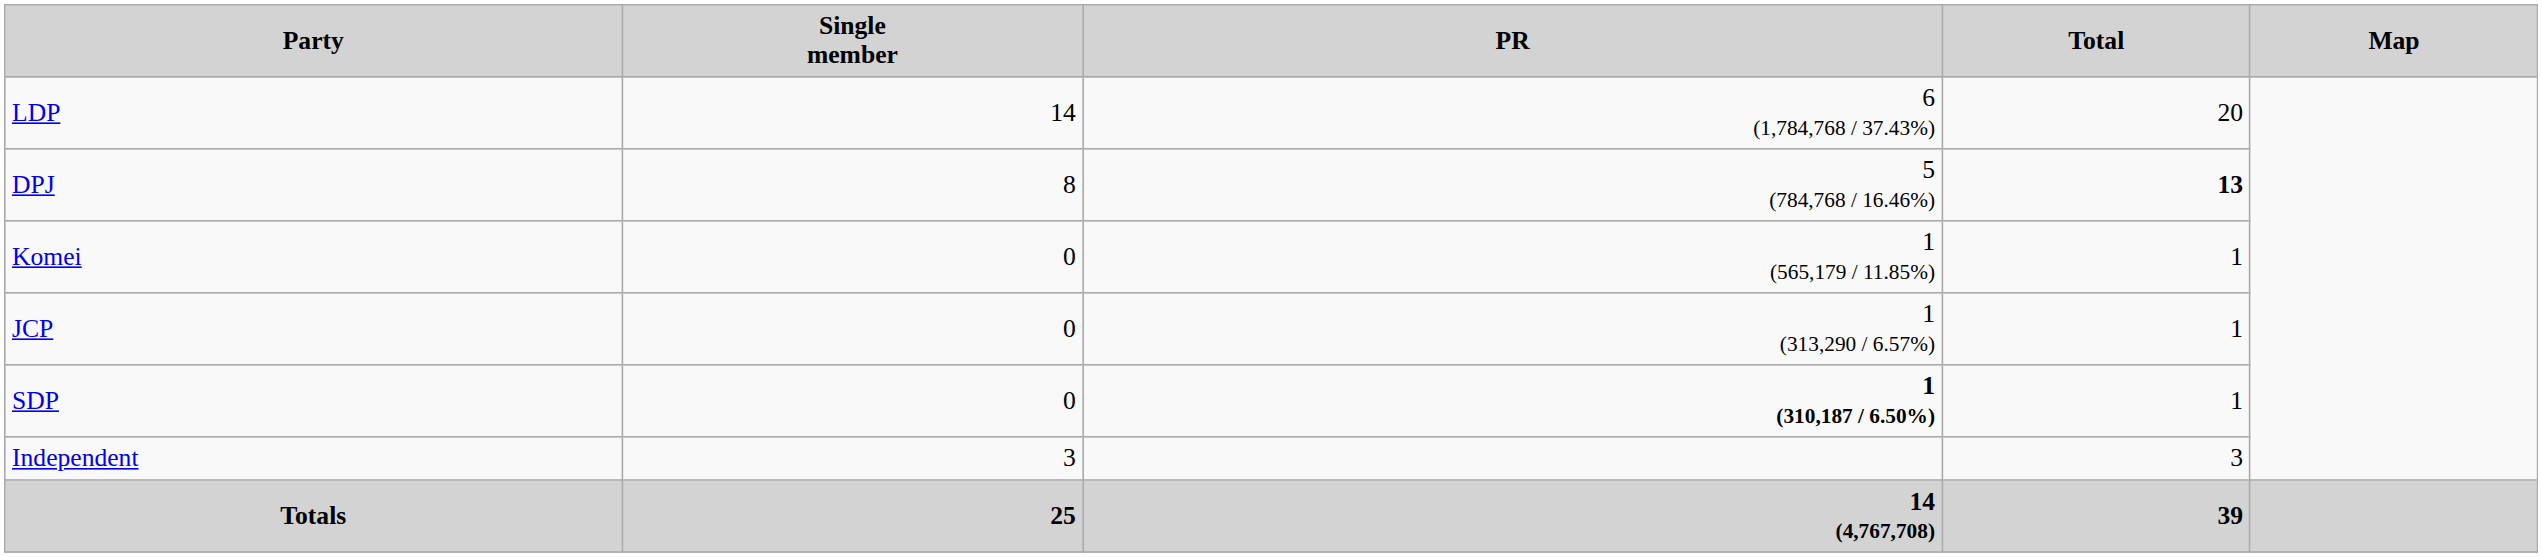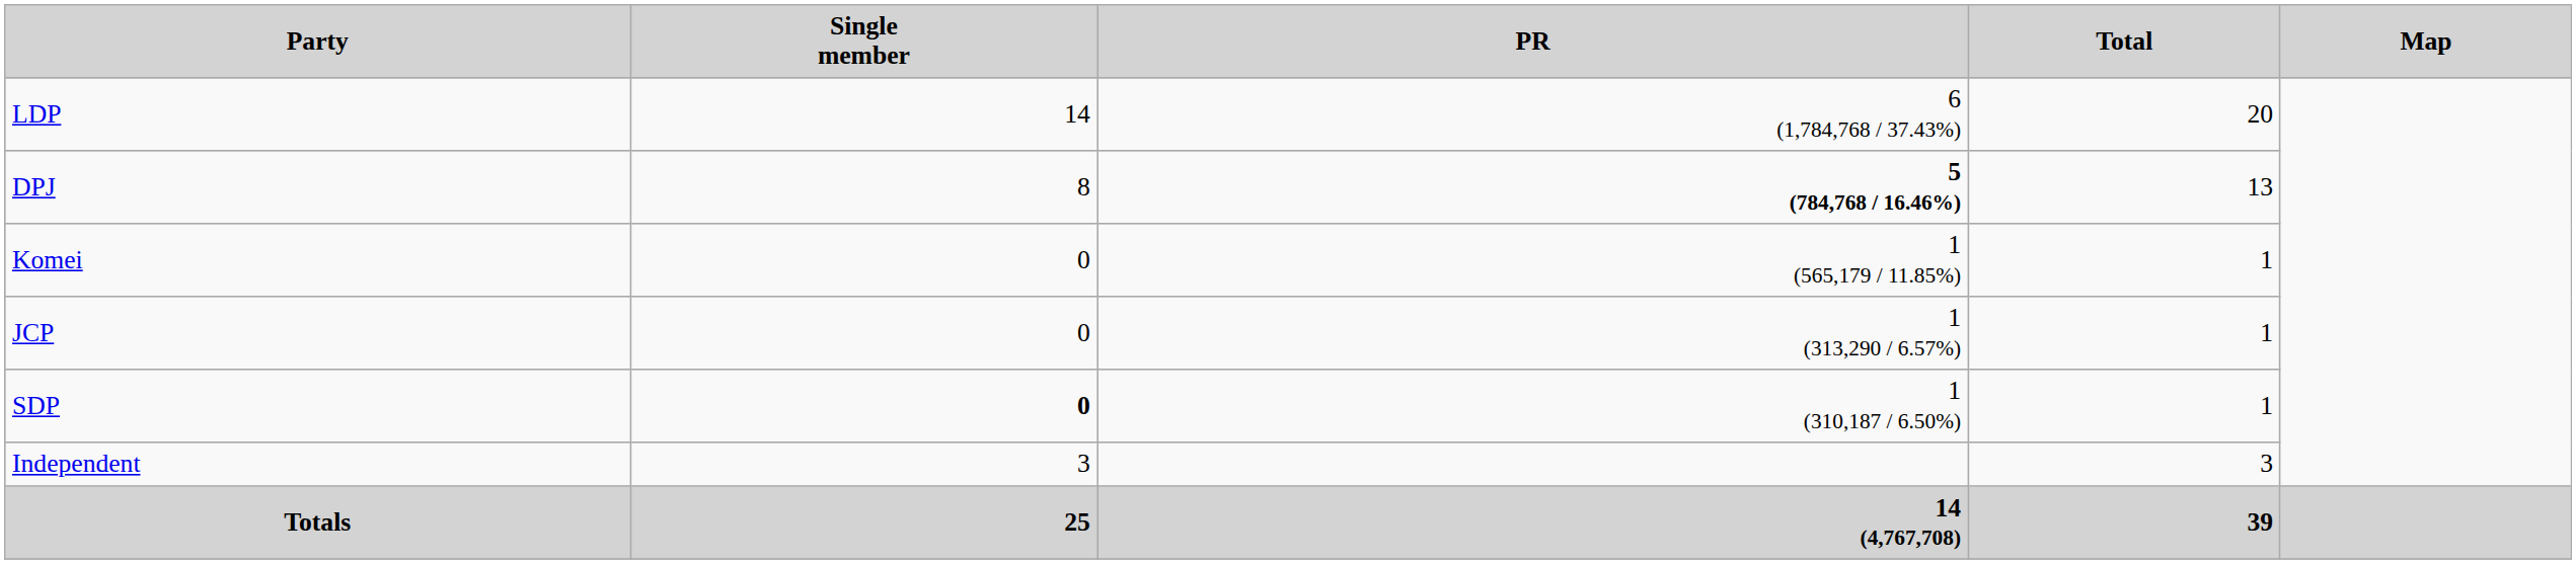 <table border="2" cellpadding="4" cellspacing="0" style="width:100%; margin:1em 1em 1em 0; background:#f9f9f9; border:1px #aaa solid; border-collapse:collapse;">
 <tr style="background:lightgrey;">
 <th>Party</th>
 <th>Single<br>member</th>
 <th>PR</th>
 <th>Total</th>
 <th>Map</th>
 </tr>
 <tr>
 <td><a href='#'>LDP</a></td>
 <td style="text-align:right;">14</td>
 <td style="text-align:right;">6<br><small>(1,784,768 / 37.43%)</small></td>
 <td style="text-align:right;">20</td>
 <td rowspan=6></td>
 </tr>
 <tr>
 <td><a href='#'>DPJ</a></td>
 <td style="text-align:right;">8</td>
-<td style="text-align:right;">5<br><small>(784,768	/ 16.46%)</small></td>
-<td style="text-align:right;"><strong>13</strong></td>
+<td style="text-align:right;"><strong>5<br><small>(784,768	/ 16.46%)</small></strong></td>
+<td style="text-align:right;">13</td>
 </tr>
 <tr>
 <td><a href='#'>Komei</a></td>
 <td style="text-align:right;">0</td>
 <td style="text-align:right;">1<br><small>(565,179	/ 11.85%)</small></td>
 <td style="text-align:right;">1</td>
 </tr>
 <tr>
 <td><a href='#'>JCP</a></td>
 <td style="text-align:right;">0</td>
 <td style="text-align:right;">1<br><small>(313,290	/ 6.57%)</small></td>
 <td style="text-align:right;">1</td>
 </tr>
 <tr>
 <td><a href='#'>SDP</a></td>
-<td style="text-align:right;">0</td>
-<td style="text-align:right;"><strong>1<br><small>(310,187	/ 6.50%)</small></strong></td>
+<td style="text-align:right;"><strong>0</strong></td>
+<td style="text-align:right;">1<br><small>(310,187	/ 6.50%)</small></td>
 <td style="text-align:right;">1</td>
 </tr>
 <tr>
 <td><a href='#'>Independent</a></td>
 <td style="text-align:right;">3</td>
 <td style="text-align:right;"></td>
 <td style="text-align:right;">3</td>
 </tr>
 <tr style="background:lightgrey;">
 <th><strong>Totals</strong></th>
 <th style="text-align:right;">25</th>
 <th style="text-align:right;">14<br><small>(4,767,708)</small></th>
 <th style="text-align:right;">39</th>
 <th></th>
 </tr>
 </table>
